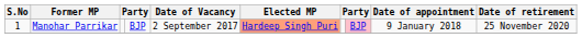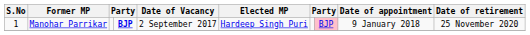 <table class="wikitable sortable">
 <tr>
 <th>S.No</th>
 <th>Former MP</th>
 <th colspan=2>Party</th>
 <th>Date of Vacancy</th>
 <th>Elected MP</th>
 <th colspan=2>Party</th>
 <th>Date of appointment</th>
 <th>Date of retirement</th>
 </tr>
 <tr style="text-align:center;">
 <td>1</td>
 <td><a href='#'>Manohar Parrikar</a></td>
 <td width="1px"></td>
-<td><a href='#'>BJP</a></td>
+<td><strong><a href='#'>BJP</a></strong></td>
 <td>2 September 2017</td>
-<td style="background: lightsalmon;"><a href='#'>Hardeep Singh Puri</a></td>
+<td><a href='#'>Hardeep Singh Puri</a></td>
 <td width="1px"></td>
 <td style="background: pink;"><a href='#'>BJP</a></td>
 <td>9 January 2018</td>
 <td>25 November 2020</td>
 </tr>
 <tr style="text-align:center;">
 </tr>
 </table>
